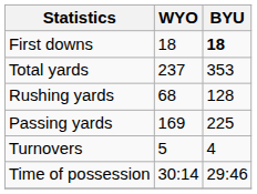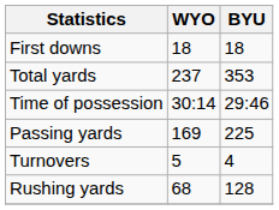 <table class="wikitable">
 <tr>
 <th>Statistics</th>
 <th>WYO</th>
 <th>BYU</th>
 </tr>
 <tr>
 <td>First downs</td>
 <td>18</td>
-<td><strong>18</strong></td>
+<td>18</td>
 </tr>
 <tr>
 <td>Total yards</td>
 <td>237</td>
 <td>353</td>
 </tr>
 <tr>
-<td>Rushing yards</td>
-<td>68</td>
-<td>128</td>
+<td>Time of possession</td>
+<td>30:14</td>
+<td>29:46</td>
 </tr>
 <tr>
 <td>Passing yards</td>
 <td>169</td>
 <td>225</td>
 </tr>
 <tr>
 <td>Turnovers</td>
 <td>5</td>
 <td>4</td>
 </tr>
 <tr>
-<td>Time of possession</td>
-<td>30:14</td>
-<td>29:46</td>
+<td>Rushing yards</td>
+<td>68</td>
+<td>128</td>
 </tr>
 <tr>
 </tr>
 </table>
